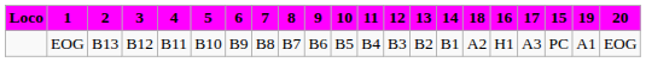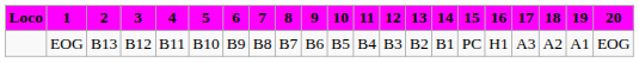 <table class="wikitable plainrowheaders unsortable" style="text-align:center">
 <tr>
 <th scope="col" rowspan="1" style="background:magenta;">Loco</th>
 <th scope="col" rowspan="1" style="background:magenta;">1</th>
 <th scope="col" rowspan="1" style="background:magenta;">2</th>
 <th scope="col" rowspan="1" style="background:magenta;">3</th>
 <th scope="col" rowspan="1" style="background:magenta;">4</th>
 <th scope="col" rowspan="1" style="background:magenta;">5</th>
 <th scope="col" rowspan="1" style="background:magenta;">6</th>
 <th scope="col" rowspan="1" style="background:magenta;">7</th>
 <th scope="col" rowspan="1" style="background:magenta;">8</th>
 <th scope="col" rowspan="1" style="background:magenta;">9</th>
 <th scope="col" rowspan="1" style="background:magenta;">10</th>
 <th scope="col" rowspan="1" style="background:magenta;">11</th>
 <th scope="col" rowspan="1" style="background:magenta;">12</th>
 <th scope="col" rowspan="1" style="background:magenta;">13</th>
 <th scope="col" rowspan="1" style="background:magenta;">14</th>
-<th scope="col" rowspan="1" style="background:magenta;">18</th>
+<th scope="col" rowspan="1" style="background:magenta;">15</th>
 <th scope="col" rowspan="1" style="background:magenta;">16</th>
 <th scope="col" rowspan="1" style="background:magenta;">17</th>
-<th scope="col" rowspan="1" style="background:magenta;">15</th>
+<th scope="col" rowspan="1" style="background:magenta;">18</th>
 <th scope="col" rowspan="1" style="background:magenta;">19</th>
 <th scope="col" rowspan="1" style="background:magenta;">20</th>
 </tr>
 <tr>
 <td></td>
 <td>EOG</td>
 <td>B13</td>
 <td>B12</td>
 <td>B11</td>
 <td>B10</td>
 <td>B9</td>
 <td>B8</td>
 <td>B7</td>
 <td>B6</td>
 <td>B5</td>
 <td>B4</td>
 <td>B3</td>
 <td>B2</td>
 <td>B1</td>
-<td>A2</td>
+<td>PC</td>
 <td>H1</td>
 <td>A3</td>
-<td>PC</td>
+<td>A2</td>
 <td>A1</td>
 <td>EOG</td>
 </tr>
 </table>
